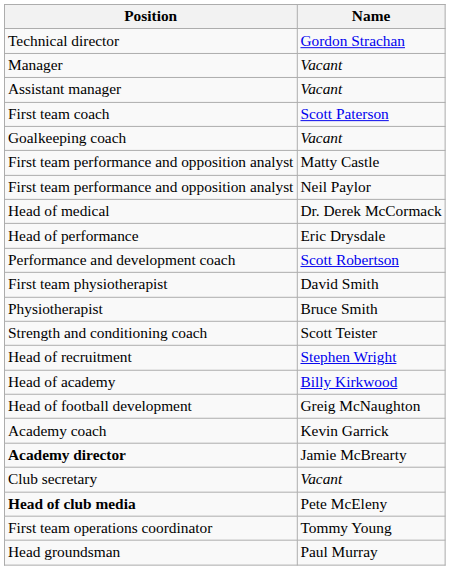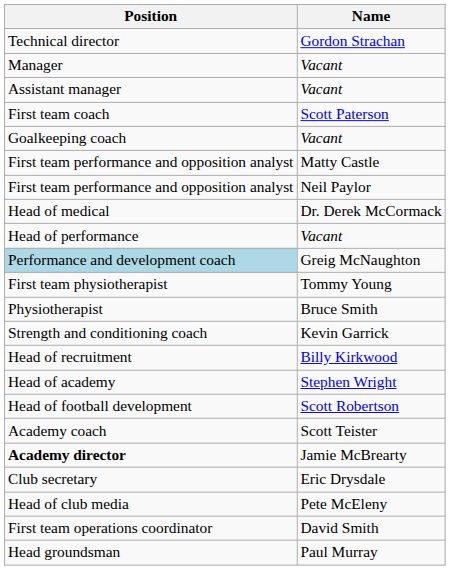 <table class="wikitable">
 <tr>
 <th>Position</th>
 <th>Name</th>
 </tr>
 <tr>
 <td>Technical director</td>
 <td><a href='#'>Gordon Strachan</a></td>
 </tr>
 <tr>
 <td>Manager</td>
 <td><em>Vacant</em></td>
 </tr>
 <tr>
 <td>Assistant manager</td>
 <td><em>Vacant</em></td>
 </tr>
 <tr>
 <td>First team coach</td>
 <td><a href='#'>Scott Paterson</a></td>
 </tr>
 <tr>
 <td>Goalkeeping coach</td>
 <td><em>Vacant</em></td>
 </tr>
 <tr>
 <td>First team performance and opposition analyst</td>
 <td>Matty Castle</td>
 </tr>
 <tr>
 <td>First team performance and opposition analyst</td>
 <td>Neil Paylor</td>
 </tr>
 <tr>
 <td>Head of medical</td>
 <td>Dr. Derek McCormack</td>
 </tr>
 <tr>
 <td>Head of performance</td>
-<td>Eric Drysdale</td>
+<td><em>Vacant</em></td>
 </tr>
 <tr>
-<td>Performance and development coach</td>
-<td><a href='#'>Scott Robertson</a></td>
+<td style="background: lightblue;">Performance and development coach</td>
+<td>Greig McNaughton</td>
 </tr>
 <tr>
 <td>First team physiotherapist</td>
-<td>David Smith</td>
+<td>Tommy Young</td>
 </tr>
 <tr>
 <td>Physiotherapist</td>
 <td>Bruce Smith</td>
 </tr>
 <tr>
 <td>Strength and conditioning coach</td>
-<td>Scott Teister</td>
+<td>Kevin Garrick</td>
 </tr>
 <tr>
 <td>Head of recruitment</td>
+<td><a href='#'>Billy Kirkwood</a></td>
+</tr>
+<tr>
+<td>Head of academy</td>
 <td><a href='#'>Stephen Wright</a></td>
 </tr>
 <tr>
-<td>Head of academy</td>
-<td><a href='#'>Billy Kirkwood</a></td>
-</tr>
-<tr>
 <td>Head of football development</td>
-<td>Greig McNaughton</td>
+<td><a href='#'>Scott Robertson</a></td>
 </tr>
 <tr>
 <td>Academy coach</td>
-<td>Kevin Garrick</td>
+<td>Scott Teister</td>
 </tr>
 <tr>
 <td><strong>Academy director</strong></td>
 <td>Jamie McBrearty</td>
 </tr>
 <tr>
 <td>Club secretary</td>
-<td><em>Vacant</em></td>
+<td>Eric Drysdale</td>
 </tr>
 <tr>
-<td><strong>Head of club media</strong></td>
+<td>Head of club media</td>
 <td>Pete McEleny</td>
 </tr>
 <tr>
 <td>First team operations coordinator</td>
-<td>Tommy Young</td>
+<td>David Smith</td>
 </tr>
 <tr>
 <td>Head groundsman</td>
 <td>Paul Murray</td>
 </tr>
 </table>
